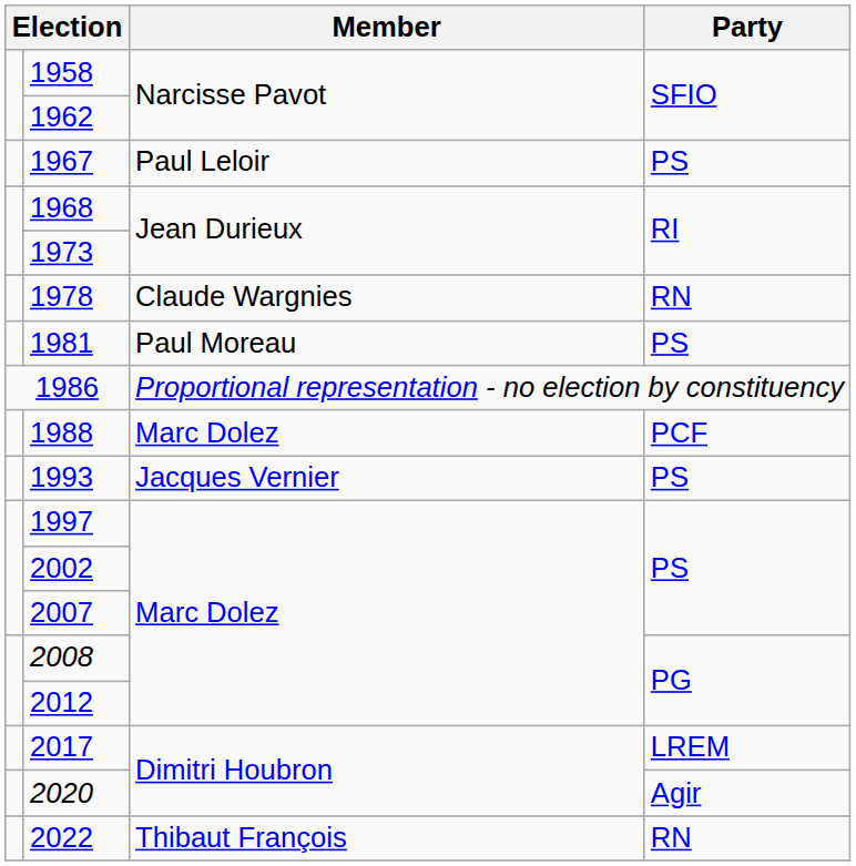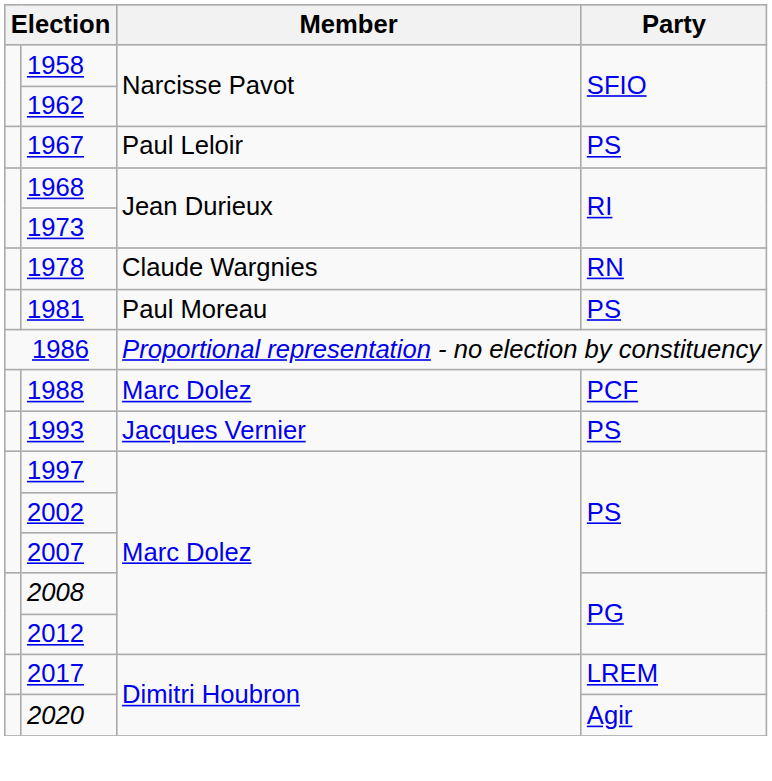 <table class="wikitable">
 <tr>
 <th colspan="2">Election</th>
 <th>Member</th>
 <th>Party</th>
 </tr>
 <tr>
 <td rowspan="2" style="color:inherit;background-color: "></td>
 <td><a href='#'>1958</a></td>
 <td rowspan="2">Narcisse Pavot</td>
 <td rowspan="2"><a href='#'>SFIO</a></td>
 </tr>
 <tr>
 <td><a href='#'>1962</a></td>
 </tr>
 <tr>
 <td style="color:inherit;background-color: "></td>
 <td><a href='#'>1967</a></td>
 <td>Paul Leloir</td>
 <td><a href='#'>PS</a></td>
 </tr>
 <tr>
 <td rowspan="2" style="color:inherit;background-color: "></td>
 <td><a href='#'>1968</a></td>
 <td rowspan="2">Jean Durieux</td>
 <td rowspan="2"><a href='#'>RI</a></td>
 </tr>
 <tr>
 <td><a href='#'>1973</a></td>
 </tr>
 <tr>
 <td style="color:inherit;background-color: "></td>
 <td><a href='#'>1978</a></td>
 <td>Claude Wargnies</td>
 <td><a href='#'>RN</a></td>
 </tr>
 <tr>
 <td style="color:inherit;background-color: "></td>
 <td><a href='#'>1981</a></td>
 <td>Paul Moreau</td>
 <td><a href='#'>PS</a></td>
 </tr>
 <tr>
 <td colspan="2" align="center"><a href='#'>1986</a></td>
 <td colspan="2"><em><a href='#'>Proportional representation</a> - no election by constituency</em></td>
 </tr>
 <tr>
 <td style="color:inherit;background-color: "></td>
 <td><a href='#'>1988</a></td>
 <td><a href='#'>Marc Dolez</a></td>
 <td><a href='#'>PCF</a></td>
 </tr>
 <tr>
 <td style="color:inherit;background-color: "></td>
 <td><a href='#'>1993</a></td>
 <td><a href='#'>Jacques Vernier</a></td>
 <td><a href='#'>PS</a></td>
 </tr>
 <tr>
 <td rowspan="3" style="color:inherit;background-color: "></td>
 <td><a href='#'>1997</a></td>
 <td rowspan="5"><a href='#'>Marc Dolez</a></td>
 <td rowspan="3"><a href='#'>PS</a></td>
 </tr>
 <tr>
 <td><a href='#'>2002</a></td>
 </tr>
 <tr>
 <td><a href='#'>2007</a></td>
 </tr>
 <tr>
 <td rowspan="2" style="color:inherit;background-color: "></td>
 <td><em>2008</em></td>
 <td rowspan="2"><a href='#'>PG</a></td>
 </tr>
 <tr>
 <td><a href='#'>2012</a></td>
 </tr>
 <tr>
 <td style="color:inherit;background-color: "></td>
 <td><a href='#'>2017</a></td>
 <td rowspan="2"><a href='#'>Dimitri Houbron</a></td>
 <td><a href='#'>LREM</a></td>
 </tr>
 <tr>
 <td style="color:inherit;background-color: "></td>
 <td><em>2020</em></td>
 <td><a href='#'>Agir</a></td>
 </tr>
-<tr>
-<td style="color:inherit;background-color: "></td>
-<td><a href='#'>2022</a></td>
-<td><a href='#'>Thibaut François</a></td>
-<td><a href='#'>RN</a></td>
-</tr>
 </table>
